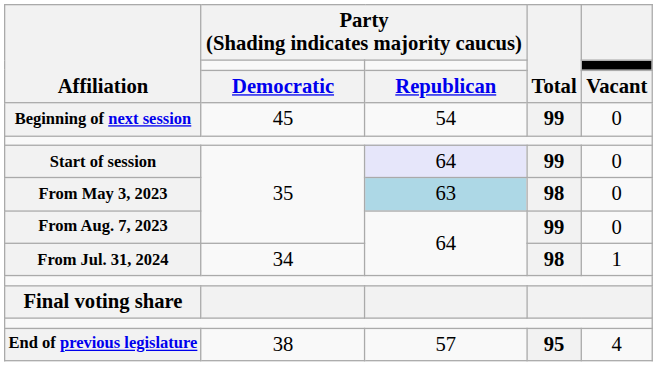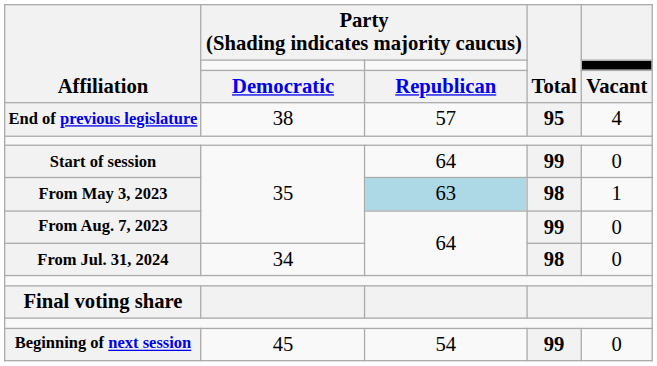 <table class=wikitable style="text-align:center">
 <tr style="vertical-align:bottom;">
 <th rowspan=3>Affiliation</th>
 <th colspan=2>Party <div>(Shading indicates majority caucus)</div></th>
 <th rowspan=3>Total</th>
 <th></th>
 </tr>
 <tr style="height:5px">
 <td style="background-color:"></td>
 <td style="background-color:"></td>
 <td style="background-color:black"></td>
 </tr>
 <tr>
 <th><a href='#'>Democratic</a></th>
 <th><a href='#'>Republican</a></th>
 <th>Vacant</th>
 </tr>
 <tr>
-<th style="white-space:nowrap; font-size:80%;">Beginning of <a href='#'>next session</a></th>
-<td>45</td>
-<td>54</td>
-<th>99</th>
-<td>0</td>
+<th nowrap style="font-size:80%">End of <a href='#'>previous legislature</a></th>
+<td>38</td>
+<td>57</td>
+<th>95</th>
+<td>4</td>
 </tr>
 <tr>
 <td colspan=5></td>
 </tr>
 <tr>
 <th nowrap style="font-size:80%">Start of session</th>
 <td rowspan="3">35</td>
-<td style="background: lavender;">64</td>
+<td>64</td>
 <th>99</th>
 <td>0</td>
 </tr>
 <tr>
 <th nowrap style="font-size:80%">From May 3, 2023</th>
 <td style="background: lightblue;">63</td>
 <th>98</th>
-<td>0</td>
+<td>1</td>
 </tr>
 <tr>
 <th nowrap style="font-size:80%">From Aug. 7, 2023</th>
 <td rowspan="2" >64</td>
 <th>99</th>
 <td>0</td>
 </tr>
 <tr>
 <th nowrap style="font-size:80%">From Jul. 31, 2024</th>
 <td>34</td>
 <th>98</th>
-<td>1</td>
+<td>0</td>
 </tr>
 <tr>
 <td colspan=5></td>
 </tr>
 <tr>
 <th>Final voting share</th>
 <th></th>
 <th></th>
 <th colspan=2></th>
 </tr>
 <tr>
 <td colspan=5></td>
 </tr>
 <tr>
-<th nowrap style="font-size:80%">End of <a href='#'>previous legislature</a></th>
-<td>38</td>
-<td>57</td>
-<th>95</th>
-<td>4</td>
+<th style="white-space:nowrap; font-size:80%;">Beginning of <a href='#'>next session</a></th>
+<td>45</td>
+<td>54</td>
+<th>99</th>
+<td>0</td>
 </tr>
 </table>
